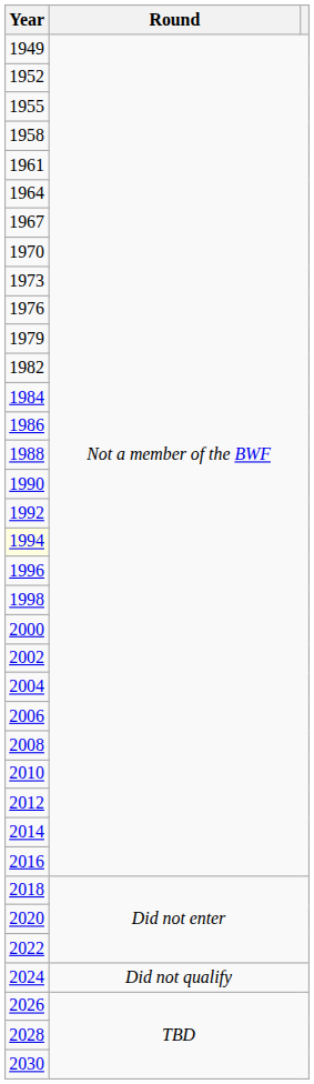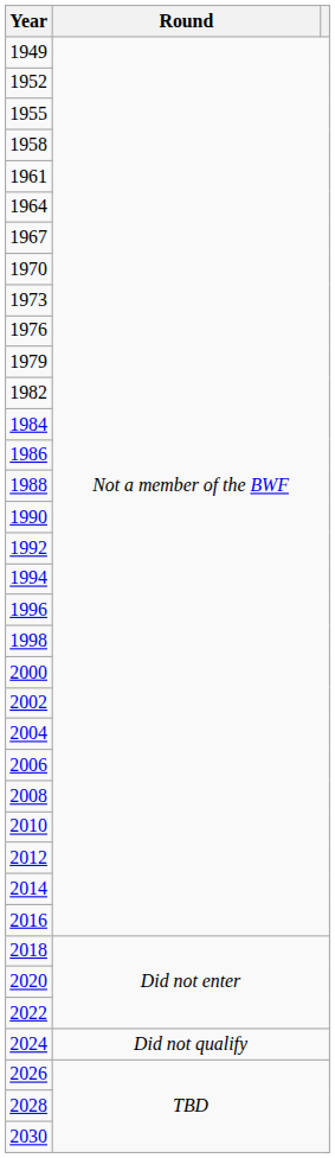 <table class="wikitable" style="text-align: center; font-size:90%">
 <tr>
 <th>Year</th>
 <th style="width:200px">Round</th>
 <th></th>
 </tr>
 <tr>
 <td>1949</td>
 <td colspan="2" rowspan="29"><em>Not a member of the <a href='#'>BWF</a></em></td>
 </tr>
 <tr>
 <td>1952</td>
 </tr>
 <tr>
 <td>1955</td>
 </tr>
 <tr>
 <td>1958</td>
 </tr>
 <tr>
 <td>1961</td>
 </tr>
 <tr>
 <td>1964</td>
 </tr>
 <tr>
 <td>1967</td>
 </tr>
 <tr>
 <td>1970</td>
 </tr>
 <tr>
 <td>1973</td>
 </tr>
 <tr>
 <td>1976</td>
 </tr>
 <tr>
 <td>1979</td>
 </tr>
 <tr>
 <td>1982</td>
 </tr>
 <tr>
 <td><a href='#'>1984</a></td>
 </tr>
 <tr>
 <td><a href='#'>1986</a></td>
 </tr>
 <tr>
 <td><a href='#'>1988</a></td>
 </tr>
 <tr>
 <td><a href='#'>1990</a></td>
 </tr>
 <tr>
 <td><a href='#'>1992</a></td>
 </tr>
 <tr>
-<td style="background: lightyellow;"><a href='#'>1994</a></td>
+<td><a href='#'>1994</a></td>
 </tr>
 <tr>
 <td><a href='#'>1996</a></td>
 </tr>
 <tr>
 <td><a href='#'>1998</a></td>
 </tr>
 <tr>
 <td><a href='#'>2000</a></td>
 </tr>
 <tr>
 <td><a href='#'>2002</a></td>
 </tr>
 <tr>
 <td><a href='#'>2004</a></td>
 </tr>
 <tr>
 <td><a href='#'>2006</a></td>
 </tr>
 <tr>
 <td><a href='#'>2008</a></td>
 </tr>
 <tr>
 <td><a href='#'>2010</a></td>
 </tr>
 <tr>
 <td><a href='#'>2012</a></td>
 </tr>
 <tr>
 <td><a href='#'>2014</a></td>
 </tr>
 <tr>
 <td><a href='#'>2016</a></td>
 </tr>
 <tr>
 <td><a href='#'>2018</a></td>
 <td colspan="2" rowspan="3"><em>Did not enter</em></td>
 </tr>
 <tr>
 <td><a href='#'>2020</a></td>
 </tr>
 <tr>
 <td><a href='#'>2022</a></td>
 </tr>
 <tr>
 <td><a href='#'>2024</a></td>
 <td colspan="2"><em>Did not qualify</em></td>
 </tr>
 <tr>
 <td><a href='#'>2026</a></td>
 <td colspan="2" rowspan="4"><em>TBD</em></td>
 </tr>
 <tr>
 <td><a href='#'>2028</a></td>
 </tr>
 <tr>
 <td><a href='#'>2030</a></td>
 </tr>
 </table>
